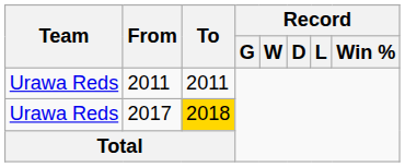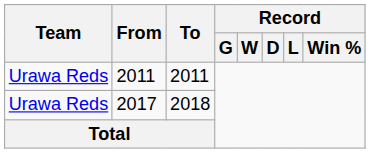 <table class="wikitable" style="text-align: center">
 <tr>
 <th rowspan="2">Team</th>
 <th rowspan="2">From</th>
 <th rowspan="2">To</th>
 <th colspan="5">Record</th>
 </tr>
 <tr>
 <th>G</th>
 <th>W</th>
 <th>D</th>
 <th>L</th>
 <th>Win %</th>
 </tr>
 <tr>
 <td align="left"><a href='#'>Urawa Reds</a></td>
 <td align="left">2011</td>
 <td align="left">2011<br></td>
 </tr>
 <tr>
 <td align="left"><a href='#'>Urawa Reds</a></td>
 <td align="left">2017</td>
-<td align="left" style="background: gold;">2018<br></td>
+<td align="left">2018<br></td>
 </tr>
 <tr>
 <th colspan="3">Total<br></th>
 </tr>
 </table>
